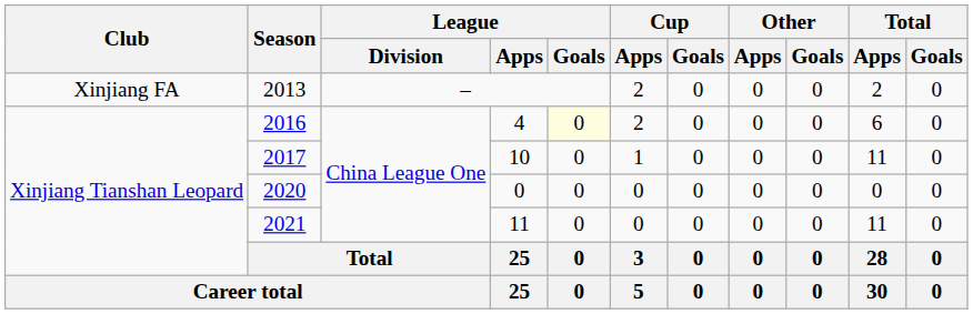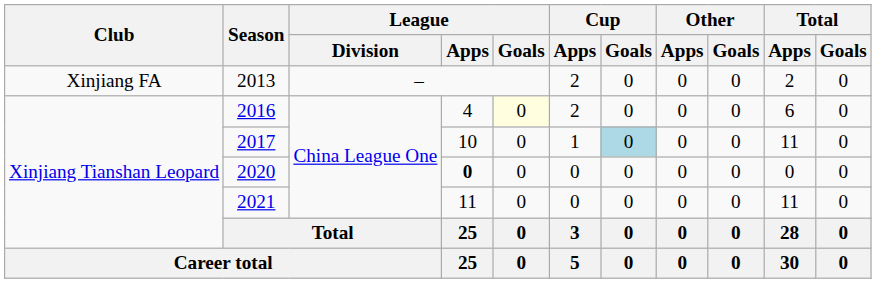 <table class="wikitable" style="text-align: center">
 <tr>
 <th rowspan="2">Club</th>
 <th rowspan="2">Season</th>
 <th colspan="3">League</th>
 <th colspan="2">Cup</th>
 <th colspan="2">Other</th>
 <th colspan="2">Total</th>
 </tr>
 <tr>
 <th>Division</th>
 <th>Apps</th>
 <th>Goals</th>
 <th>Apps</th>
 <th>Goals</th>
 <th>Apps</th>
 <th>Goals</th>
 <th>Apps</th>
 <th>Goals</th>
 </tr>
 <tr>
 <td>Xinjiang FA</td>
 <td>2013</td>
 <td colspan="3">–</td>
 <td>2</td>
 <td>0</td>
 <td>0</td>
 <td>0</td>
 <td>2</td>
 <td>0</td>
 </tr>
 <tr>
 <td rowspan="5"><a href='#'>Xinjiang Tianshan Leopard</a></td>
 <td><a href='#'>2016</a></td>
 <td rowspan="4"><a href='#'>China League One</a></td>
 <td>4</td>
 <td style="background: lightyellow;">0</td>
 <td>2</td>
 <td>0</td>
 <td>0</td>
 <td>0</td>
 <td>6</td>
 <td>0</td>
 </tr>
 <tr>
 <td><a href='#'>2017</a></td>
 <td>10</td>
 <td>0</td>
 <td>1</td>
-<td>0</td>
+<td style="background: lightblue;">0</td>
 <td>0</td>
 <td>0</td>
 <td>11</td>
 <td>0</td>
 </tr>
 <tr>
 <td><a href='#'>2020</a></td>
-<td>0</td>
+<td><strong>0</strong></td>
 <td>0</td>
 <td>0</td>
 <td>0</td>
 <td>0</td>
 <td>0</td>
 <td>0</td>
 <td>0</td>
 </tr>
 <tr>
 <td><a href='#'>2021</a></td>
 <td>11</td>
 <td>0</td>
 <td>0</td>
 <td>0</td>
 <td>0</td>
 <td>0</td>
 <td>11</td>
 <td>0</td>
 </tr>
 <tr>
 <th colspan=2>Total</th>
 <th>25</th>
 <th>0</th>
 <th>3</th>
 <th>0</th>
 <th>0</th>
 <th>0</th>
 <th>28</th>
 <th>0</th>
 </tr>
 <tr>
 <th colspan=3>Career total</th>
 <th>25</th>
 <th>0</th>
 <th>5</th>
 <th>0</th>
 <th>0</th>
 <th>0</th>
 <th>30</th>
 <th>0</th>
 </tr>
 </table>
